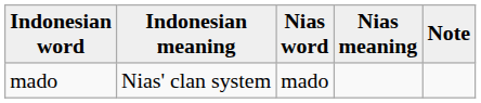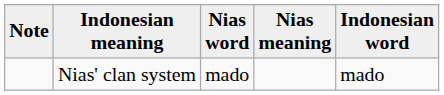 <table class="wikitable">
 <tr>
-<th style="background:#efefef;">Indonesian<br>word</th>
+<th style="background:#efefef;">Note</th>
 <th style="background:#efefef;">Indonesian<br>meaning</th>
 <th style="background:#efefef;">Nias<br>word</th>
 <th style="background:#efefef;">Nias<br>meaning</th>
-<th style="background:#efefef;">Note</th>
+<th style="background:#efefef;">Indonesian<br>word</th>
 </tr>
 <tr>
-<td>mado</td>
+<td></td>
 <td>Nias' clan system</td>
 <td>mado</td>
 <td></td>
-<td></td>
+<td>mado</td>
 </tr>
 </table>
